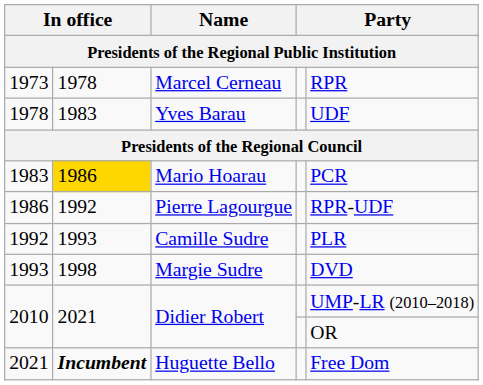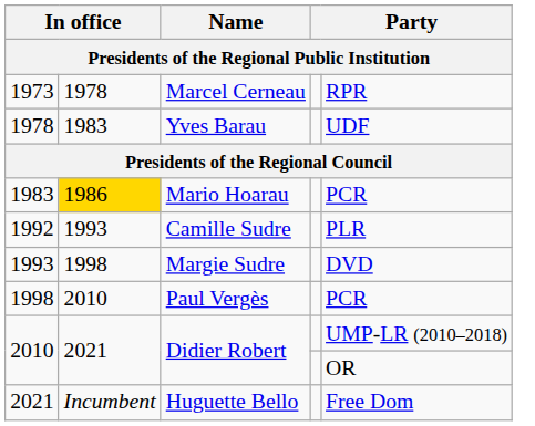 <table class="wikitable">
 <tr>
 <th colspan="2">In office</th>
 <th>Name</th>
 <th colspan="2">Party</th>
 </tr>
 <tr>
 <th colspan="5"><small>Presidents of the Regional Public Institution</small></th>
 </tr>
 <tr>
 <td>1973</td>
 <td>1978</td>
 <td><a href='#'>Marcel Cerneau</a></td>
 <td style="background:"></td>
 <td><a href='#'>RPR</a></td>
 </tr>
 <tr>
 <td>1978</td>
 <td>1983</td>
 <td><a href='#'>Yves Barau</a></td>
 <td style="background:"></td>
 <td><a href='#'>UDF</a></td>
 </tr>
 <tr>
 <th colspan="5"><small>Presidents of the Regional Council</small></th>
 </tr>
 <tr>
 <td>1983</td>
 <td style="background: gold;">1986</td>
 <td><a href='#'>Mario Hoarau</a></td>
 <td style="background:"></td>
 <td><a href='#'>PCR</a></td>
 </tr>
 <tr>
-<td>1986</td>
-<td>1992</td>
-<td><a href='#'>Pierre Lagourgue</a></td>
-<td style="background:"></td>
-<td><a href='#'>RPR</a>-<a href='#'>UDF</a></td>
-</tr>
-<tr>
 <td>1992</td>
 <td>1993</td>
 <td><a href='#'>Camille Sudre</a></td>
 <td style="background:"></td>
 <td><a href='#'>PLR</a></td>
 </tr>
 <tr>
 <td>1993</td>
 <td>1998</td>
 <td><a href='#'>Margie Sudre</a></td>
 <td style="background:"></td>
 <td><a href='#'>DVD</a></td>
 </tr>
 <tr>
+<td>1998</td>
+<td>2010</td>
+<td><a href='#'>Paul Vergès</a></td>
+<td style="background:"></td>
+<td><a href='#'>PCR</a></td>
+</tr>
+<tr>
 <td rowspan="2">2010</td>
 <td rowspan="2">2021</td>
 <td rowspan="2"><a href='#'>Didier Robert</a></td>
 <td style="background:"></td>
 <td><a href='#'>UMP</a>-<a href='#'>LR</a> <small>(2010–2018)</small></td>
 </tr>
 <tr>
 <td style="background:"></td>
 <td>OR</td>
 </tr>
 <tr>
 <td>2021</td>
-<td><strong><em>Incumbent</em></strong></td>
+<td><em>Incumbent</em></td>
 <td><a href='#'>Huguette Bello</a></td>
 <td style="background:"></td>
 <td><a href='#'>Free Dom</a></td>
 </tr>
 </table>
